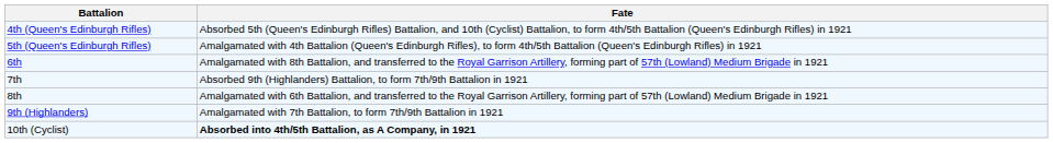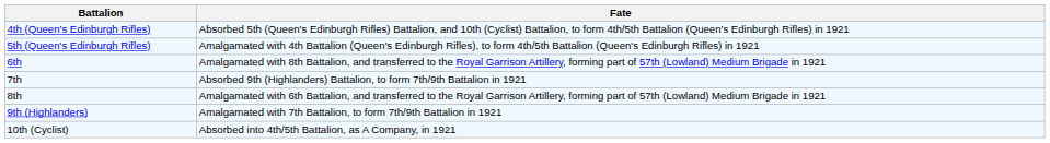 <table class="wikitable" style="width:100%;">
 <tr>
 <th>Battalion</th>
 <th>Fate</th>
 </tr>
 <tr style="background:#f0f8ff;">
 <td><a href='#'>4th (Queen's Edinburgh Rifles)</a></td>
 <td>Absorbed 5th (Queen's Edinburgh Rifles) Battalion, and 10th (Cyclist) Battalion, to form 4th/5th Battalion (Queen's Edinburgh Rifles) in 1921</td>
 </tr>
 <tr style="background:#f0f8ff;">
 <td><a href='#'>5th (Queen's Edinburgh Rifles)</a></td>
 <td>Amalgamated with 4th Battalion (Queen's Edinburgh Rifles), to form 4th/5th Battalion (Queen's Edinburgh Rifles) in 1921</td>
 </tr>
 <tr style="background:#f0f8ff;">
 <td><a href='#'>6th</a></td>
 <td>Amalgamated with 8th Battalion, and transferred to the <a href='#'>Royal Garrison Artillery</a>, forming part of <a href='#'>57th (Lowland) Medium Brigade</a> in 1921</td>
 </tr>
 <tr style="background:#f0f8ff;">
 <td>7th</td>
 <td>Absorbed 9th (Highlanders) Battalion, to form 7th/9th Battalion in 1921</td>
 </tr>
 <tr style="background:#f0f8ff;">
 <td>8th</td>
 <td>Amalgamated with 6th Battalion, and transferred to the Royal Garrison Artillery, forming part of 57th (Lowland) Medium Brigade in 1921</td>
 </tr>
 <tr style="background:#f0f8ff;">
 <td><a href='#'>9th (Highlanders)</a></td>
 <td>Amalgamated with 7th Battalion, to form 7th/9th Battalion in 1921</td>
 </tr>
 <tr style="background:#f0f8ff;">
 <td>10th (Cyclist)</td>
-<td><strong>Absorbed into 4th/5th Battalion, as A Company, in 1921</strong></td>
+<td>Absorbed into 4th/5th Battalion, as A Company, in 1921</td>
 </tr>
 </table>
